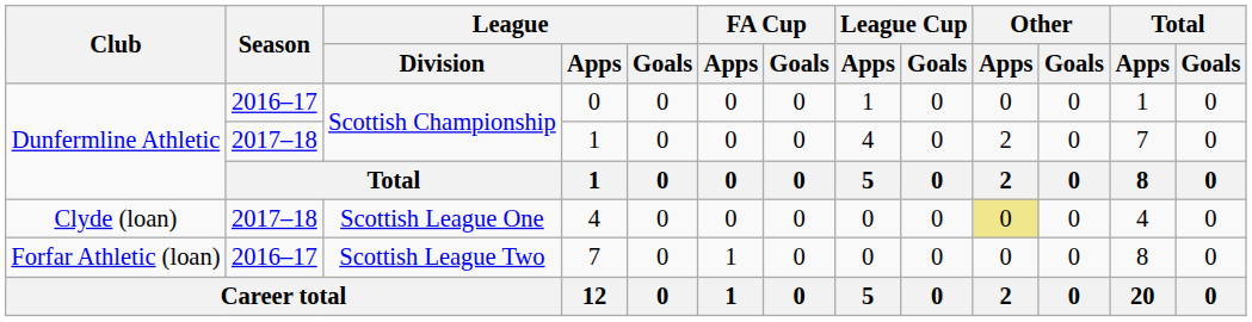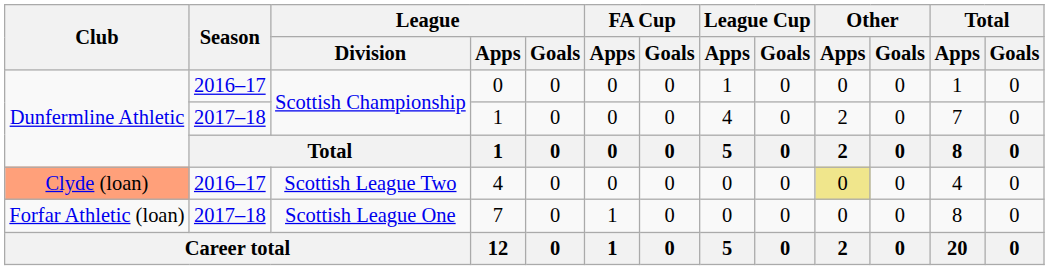 <table class="wikitable" style="text-align:center;">
 <tr>
 <th rowspan="2">Club</th>
 <th rowspan="2">Season</th>
 <th colspan="3">League</th>
 <th colspan="2">FA Cup</th>
 <th colspan="2">League Cup</th>
 <th colspan="2">Other</th>
 <th colspan="2">Total</th>
 </tr>
 <tr>
 <th>Division</th>
 <th>Apps</th>
 <th>Goals</th>
 <th>Apps</th>
 <th>Goals</th>
 <th>Apps</th>
 <th>Goals</th>
 <th>Apps</th>
 <th>Goals</th>
 <th>Apps</th>
 <th>Goals</th>
 </tr>
 <tr>
 <td rowspan="3"><a href='#'>Dunfermline Athletic</a></td>
 <td><a href='#'>2016–17</a></td>
 <td rowspan="2"><a href='#'>Scottish Championship</a></td>
 <td>0</td>
 <td>0</td>
 <td>0</td>
 <td>0</td>
 <td>1</td>
 <td>0</td>
 <td>0</td>
 <td>0</td>
 <td>1</td>
 <td>0</td>
 </tr>
 <tr>
 <td><a href='#'>2017–18</a></td>
 <td>1</td>
 <td>0</td>
 <td>0</td>
 <td>0</td>
 <td>4</td>
 <td>0</td>
 <td>2</td>
 <td>0</td>
 <td>7</td>
 <td>0</td>
 </tr>
 <tr>
 <th colspan="2">Total</th>
 <th>1</th>
 <th>0</th>
 <th>0</th>
 <th>0</th>
 <th>5</th>
 <th>0</th>
 <th>2</th>
 <th>0</th>
 <th>8</th>
 <th>0</th>
 </tr>
 <tr>
-<td><a href='#'>Clyde</a> (loan)</td>
-<td><a href='#'>2017–18</a></td>
-<td><a href='#'>Scottish League One</a></td>
+<td style="background: lightsalmon;"><a href='#'>Clyde</a> (loan)</td>
+<td><a href='#'>2016–17</a></td>
+<td><a href='#'>Scottish League Two</a></td>
 <td>4</td>
 <td>0</td>
 <td>0</td>
 <td>0</td>
 <td>0</td>
 <td>0</td>
 <td style="background: khaki;">0</td>
 <td>0</td>
 <td>4</td>
 <td>0</td>
 </tr>
 <tr>
 <td><a href='#'>Forfar Athletic</a> (loan)</td>
-<td><a href='#'>2016–17</a></td>
-<td><a href='#'>Scottish League Two</a></td>
+<td><a href='#'>2017–18</a></td>
+<td><a href='#'>Scottish League One</a></td>
 <td>7</td>
 <td>0</td>
 <td>1</td>
 <td>0</td>
 <td>0</td>
 <td>0</td>
 <td>0</td>
 <td>0</td>
 <td>8</td>
 <td>0</td>
 </tr>
 <tr>
 <th colspan="3">Career total</th>
 <th>12</th>
 <th>0</th>
 <th>1</th>
 <th>0</th>
 <th>5</th>
 <th>0</th>
 <th>2</th>
 <th>0</th>
 <th>20</th>
 <th>0</th>
 </tr>
 </table>
